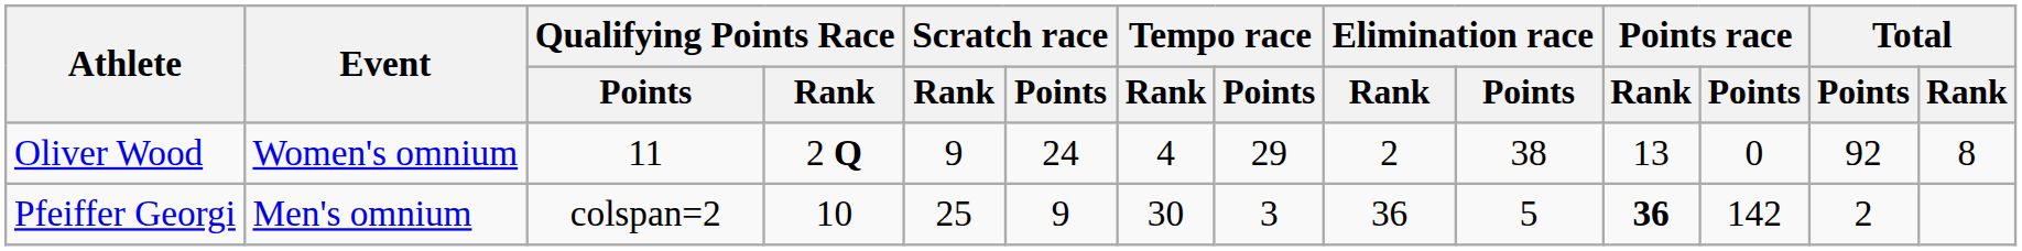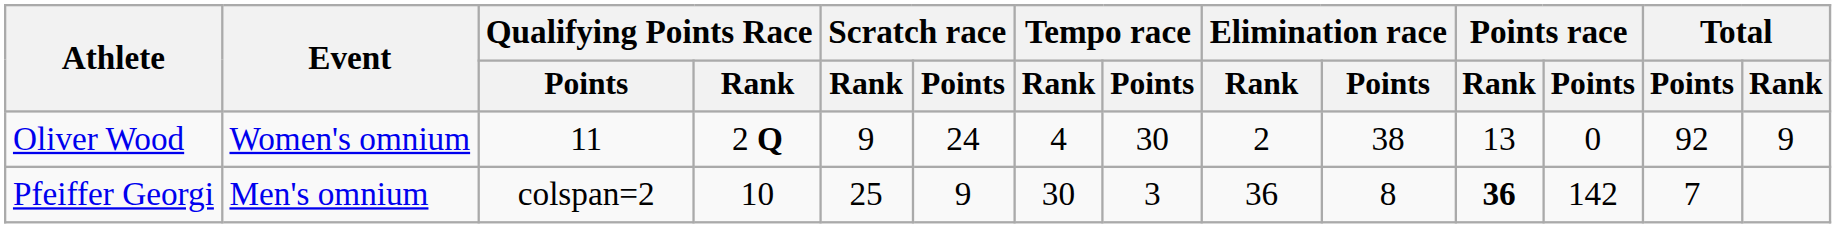 <table class=wikitable style=font-size:90%;text-align:center>
 <tr>
 <th rowspan=2>Athlete</th>
 <th rowspan=2>Event</th>
 <th colspan=2>Qualifying Points Race</th>
 <th colspan=2>Scratch race</th>
 <th colspan=2>Tempo race</th>
 <th colspan=2>Elimination race</th>
 <th colspan=2>Points race</th>
 <th colspan=2>Total</th>
 </tr>
 <tr style=font-size:95%>
 <th>Points</th>
 <th>Rank</th>
 <th>Rank</th>
 <th>Points</th>
 <th>Rank</th>
 <th>Points</th>
 <th>Rank</th>
 <th>Points</th>
 <th>Rank</th>
 <th>Points</th>
 <th>Points</th>
 <th>Rank</th>
 </tr>
 <tr>
 <td align=left><a href='#'>Oliver Wood</a></td>
 <td align=left><a href='#'>Women's omnium</a></td>
 <td>11</td>
 <td>2 <strong>Q</strong></td>
 <td>9</td>
 <td>24</td>
 <td>4</td>
-<td>29</td>
+<td>30</td>
 <td>2</td>
 <td>38</td>
 <td>13</td>
 <td>0</td>
 <td>92</td>
-<td>8</td>
+<td>9</td>
 </tr>
 <tr>
 <td align=left><a href='#'>Pfeiffer Georgi</a></td>
 <td align=left><a href='#'>Men's omnium</a></td>
 <td>colspan=2 </td>
 <td>10</td>
 <td>25</td>
 <td>9</td>
 <td>30</td>
 <td>3</td>
 <td>36</td>
-<td>5</td>
+<td>8</td>
 <td><strong>36</strong></td>
 <td>142</td>
-<td>2</td>
+<td>7</td>
 </tr>
 </table>
